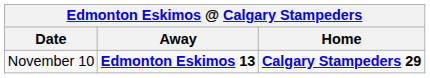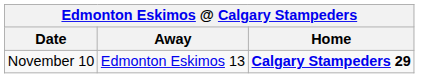 <table class="wikitable">
 <tr>
 <th colspan="4"><a href='#'>Edmonton Eskimos</a> @ <a href='#'>Calgary Stampeders</a></th>
 </tr>
 <tr>
 <th>Date</th>
 <th>Away</th>
 <th>Home</th>
 </tr>
 <tr>
 <td>November 10</td>
-<td><strong><a href='#'>Edmonton Eskimos</a> 13</strong></td>
+<td><a href='#'>Edmonton Eskimos</a> 13</td>
 <td><strong><a href='#'>Calgary Stampeders</a> 29</strong></td>
 </tr>
 </table>
